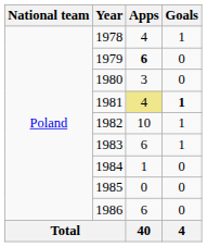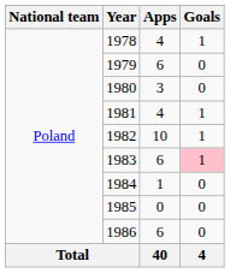 <table class="wikitable" style="text-align:center">
 <tr>
 <th>National team</th>
 <th>Year</th>
 <th>Apps</th>
 <th>Goals</th>
 </tr>
 <tr>
 <td rowspan="9"><a href='#'>Poland</a></td>
 <td>1978</td>
 <td>4</td>
 <td>1</td>
 </tr>
 <tr>
 <td>1979</td>
-<td><strong>6</strong></td>
+<td>6</td>
 <td>0</td>
 </tr>
 <tr>
 <td>1980</td>
 <td>3</td>
 <td>0</td>
 </tr>
 <tr>
 <td>1981</td>
-<td style="background: khaki;">4</td>
-<td><strong>1</strong></td>
+<td>4</td>
+<td>1</td>
 </tr>
 <tr>
 <td>1982</td>
 <td>10</td>
 <td>1</td>
 </tr>
 <tr>
 <td>1983</td>
 <td>6</td>
-<td>1</td>
+<td style="background: pink;">1</td>
 </tr>
 <tr>
 <td>1984</td>
 <td>1</td>
 <td>0</td>
 </tr>
 <tr>
 <td>1985</td>
 <td>0</td>
 <td>0</td>
 </tr>
 <tr>
 <td>1986</td>
 <td>6</td>
 <td>0</td>
 </tr>
 <tr>
 <th colspan="2">Total</th>
 <th>40</th>
 <th>4</th>
 </tr>
 </table>
